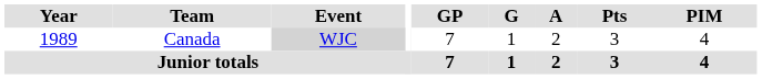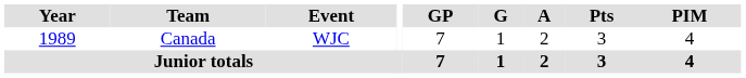 <table border="0" cellpadding="1" cellspacing="0" ID="Table3" style="text-align:center; width:40em">
 <tr bgcolor="#e0e0e0">
 <th>Year</th>
 <th>Team</th>
 <th>Event</th>
 <th rowspan="102" bgcolor="#ffffff"></th>
 <th>GP</th>
 <th>G</th>
 <th>A</th>
 <th>Pts</th>
 <th>PIM</th>
 </tr>
 <tr>
 <td><a href='#'>1989</a></td>
 <td><a href='#'>Canada</a></td>
-<td style="background: lightgrey;"><a href='#'>WJC</a></td>
+<td><a href='#'>WJC</a></td>
 <td>7</td>
 <td>1</td>
 <td>2</td>
 <td>3</td>
 <td>4</td>
 </tr>
 <tr bgcolor="#e0e0e0">
 <th colspan="4">Junior totals</th>
 <th>7</th>
 <th>1</th>
 <th>2</th>
 <th>3</th>
 <th>4</th>
 </tr>
 </table>
